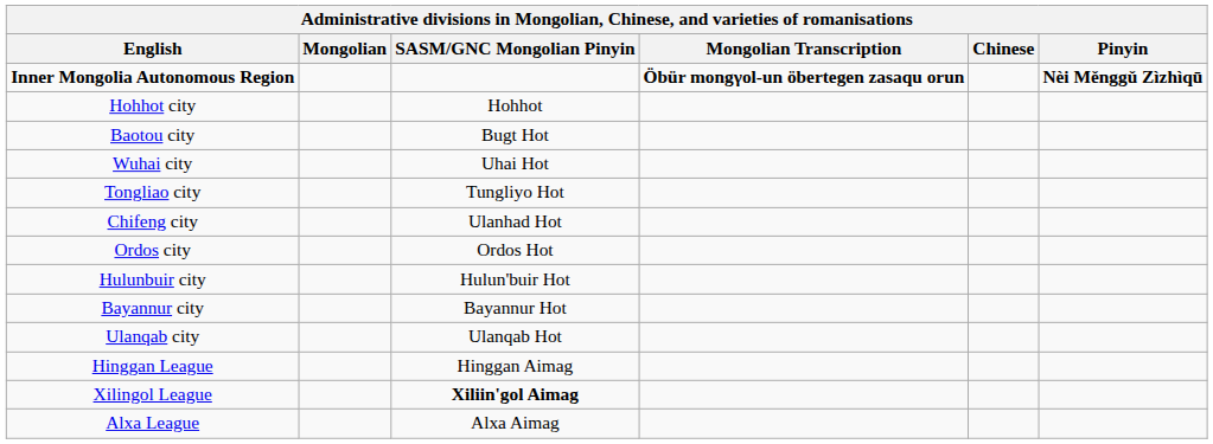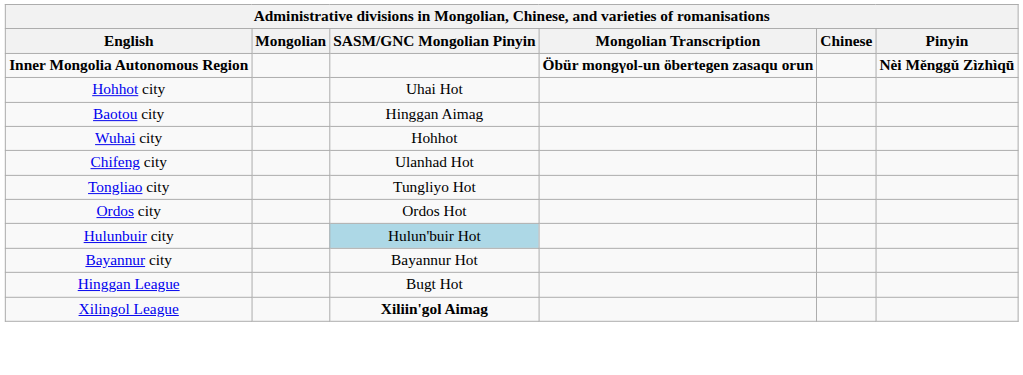 <table class="wikitable sortable collapsible collapsed" style="text-font:90%; width:auto; text-align:center; margin-left: auto; margin-right: auto;">
 <tr>
 <th colspan="6">Administrative divisions in Mongolian, Chinese, and varieties of romanisations</th>
 </tr>
 <tr>
 <th>English</th>
 <th>Mongolian</th>
 <th>SASM/GNC Mongolian Pinyin</th>
 <th>Mongolian Transcription</th>
 <th>Chinese</th>
 <th>Pinyin</th>
 </tr>
 <tr>
 <td><strong>Inner Mongolia Autonomous Region</strong></td>
 <td></td>
 <td><strong> </strong></td>
 <td><strong>Öbür mongγol-un öbertegen zasaqu orun</strong></td>
 <td></td>
 <td><strong>Nèi Měnggǔ Zìzhìqū</strong></td>
 </tr>
 <tr>
 <td><a href='#'>Hohhot</a> city</td>
 <td></td>
-<td>Hohhot</td>
+<td>Uhai Hot</td>
 <td></td>
 <td></td>
 <td></td>
 </tr>
 <tr>
 <td><a href='#'>Baotou</a> city</td>
 <td></td>
-<td>Bugt Hot</td>
+<td>Hinggan Aimag</td>
 <td></td>
 <td></td>
 <td></td>
 </tr>
 <tr>
 <td><a href='#'>Wuhai</a> city</td>
 <td></td>
-<td>Uhai Hot</td>
+<td>Hohhot</td>
+<td></td>
+<td></td>
+<td></td>
+</tr>
+<tr>
+<td><a href='#'>Chifeng</a> city</td>
+<td></td>
+<td>Ulanhad Hot</td>
 <td></td>
 <td></td>
 <td></td>
 </tr>
 <tr>
 <td><a href='#'>Tongliao</a> city</td>
 <td></td>
 <td>Tungliyo Hot</td>
-<td></td>
-<td></td>
-<td></td>
-</tr>
-<tr>
-<td><a href='#'>Chifeng</a> city</td>
-<td></td>
-<td>Ulanhad Hot</td>
 <td></td>
 <td></td>
 <td></td>
 </tr>
 <tr>
 <td><a href='#'>Ordos</a> city</td>
 <td></td>
 <td>Ordos Hot</td>
 <td></td>
 <td></td>
 <td></td>
 </tr>
 <tr>
 <td><a href='#'>Hulunbuir</a> city</td>
 <td></td>
-<td>Hulun'buir Hot</td>
+<td style="background: lightblue;">Hulun'buir Hot</td>
 <td></td>
 <td></td>
 <td></td>
 </tr>
 <tr>
 <td><a href='#'>Bayannur</a> city</td>
 <td></td>
 <td>Bayannur Hot</td>
 <td></td>
 <td></td>
 <td></td>
 </tr>
 <tr>
-<td><a href='#'>Ulanqab</a> city</td>
-<td></td>
-<td>Ulanqab Hot</td>
-<td></td>
-<td></td>
-<td></td>
-</tr>
-<tr>
 <td><a href='#'>Hinggan League</a></td>
 <td></td>
-<td>Hinggan Aimag</td>
+<td>Bugt Hot</td>
 <td></td>
 <td></td>
 <td></td>
 </tr>
 <tr>
 <td><a href='#'>Xilingol League</a></td>
 <td></td>
 <td><strong>Xiliin'gol Aimag</strong></td>
 <td></td>
 <td></td>
 <td></td>
 </tr>
-<tr>
-<td><a href='#'>Alxa League</a></td>
-<td></td>
-<td>Alxa Aimag</td>
-<td></td>
-<td></td>
-<td></td>
-</tr>
 </table>
